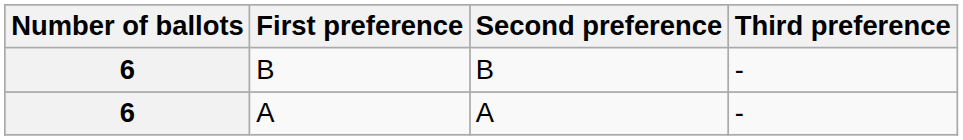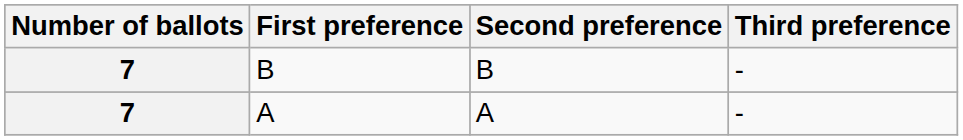 <table class="wikitable">
 <tr>
 <th>Number of ballots</th>
 <th>First preference</th>
 <th>Second preference</th>
 <th>Third preference</th>
 </tr>
 <tr>
-<th>6</th>
+<th>7</th>
 <td>B</td>
 <td>B</td>
 <td>-</td>
 </tr>
 <tr>
-<th>6</th>
+<th>7</th>
 <td>A</td>
 <td>A</td>
 <td>-</td>
 </tr>
 </table>
